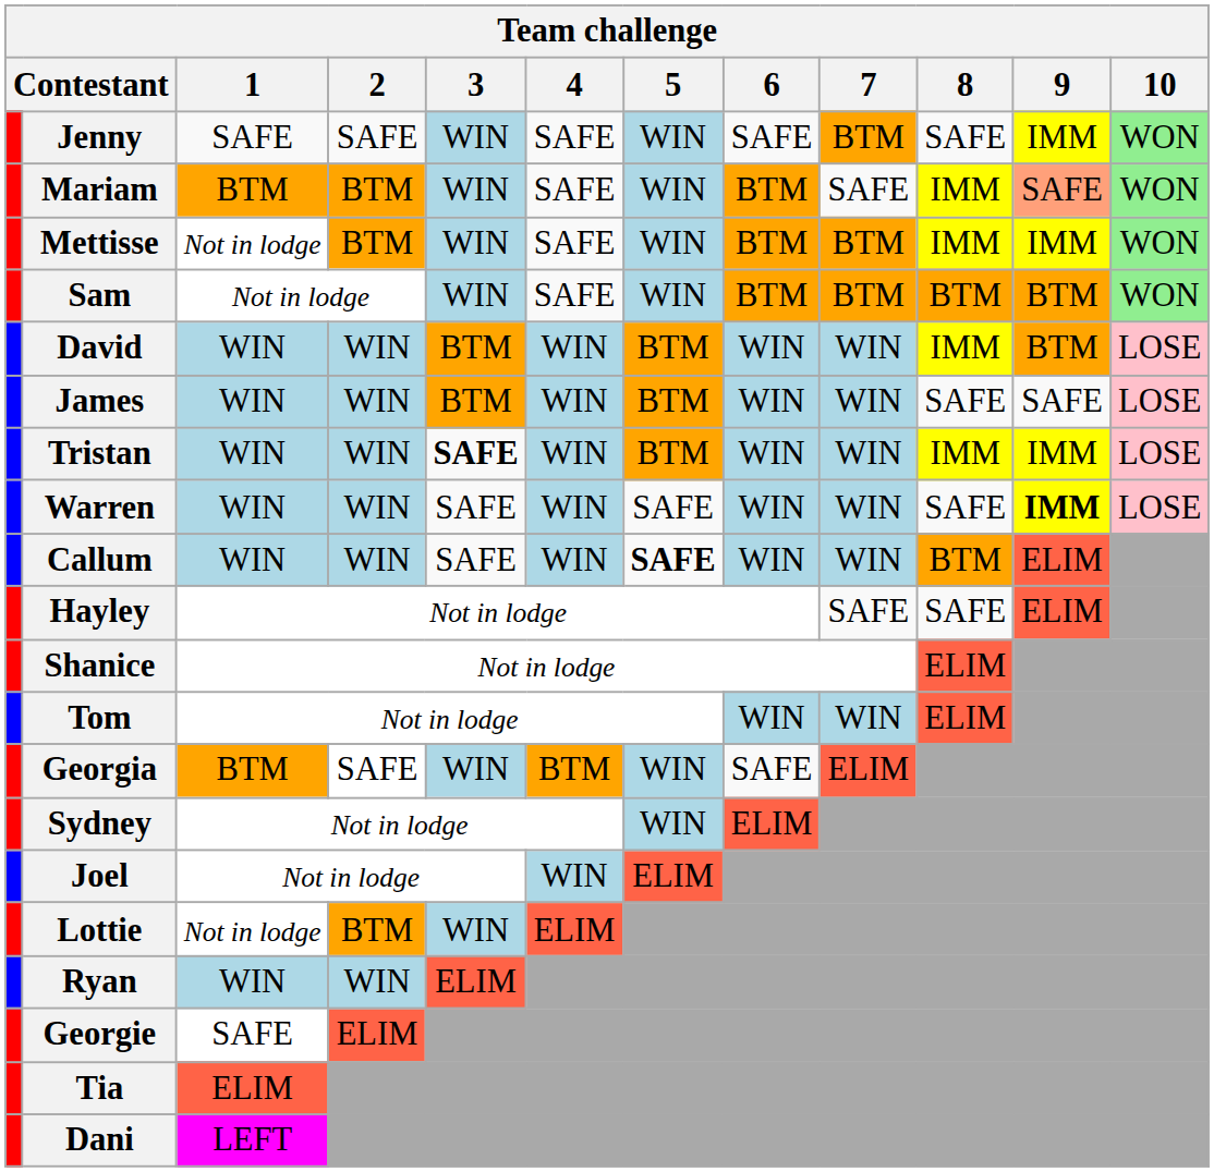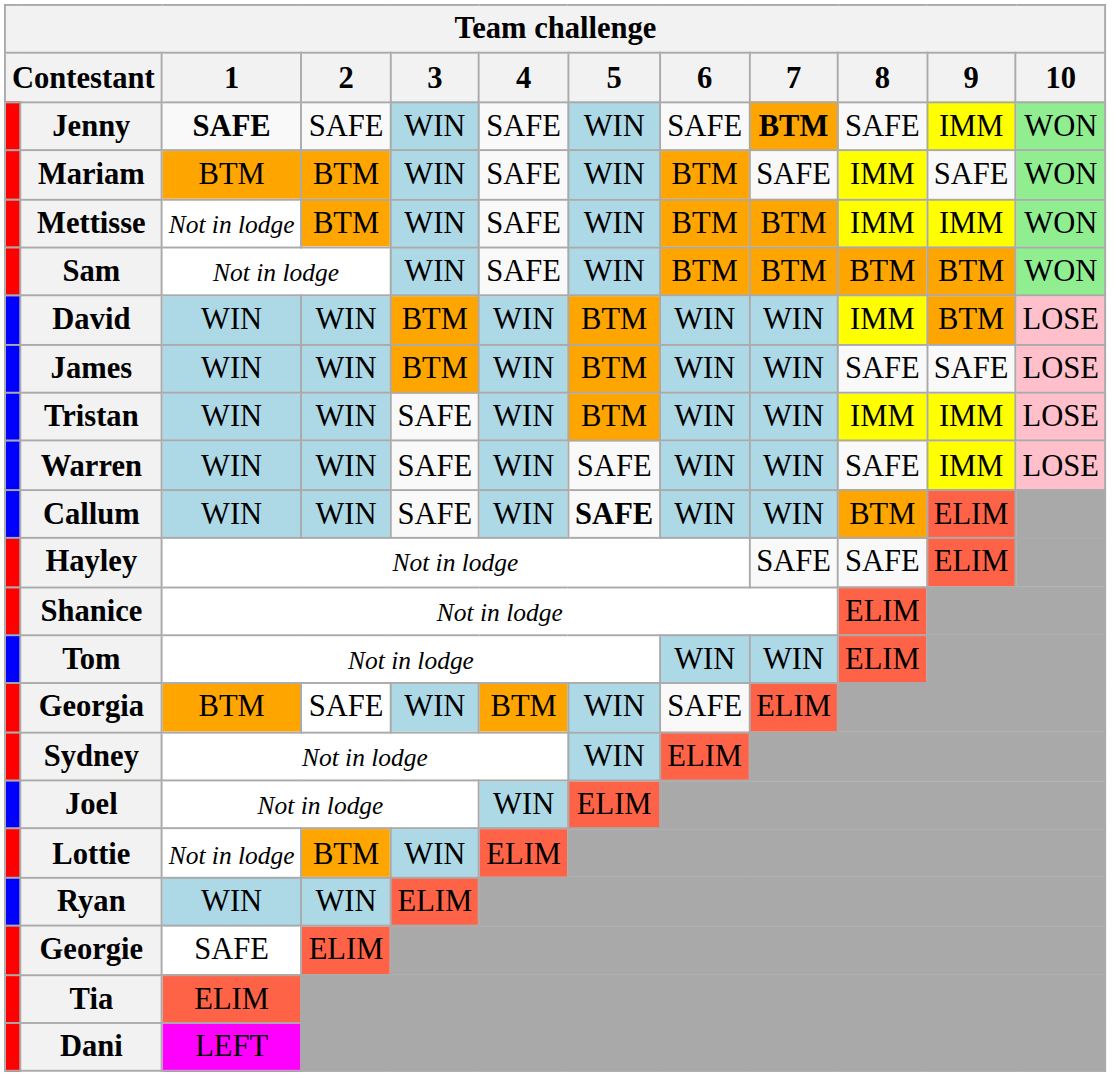 <table class="wikitable" style="text-align:center">
 <tr>
 <th scope="col" colspan="12">Team challenge</th>
 </tr>
 <tr>
 <th scope="col" colspan="2">Contestant</th>
 <th scope="col">1</th>
 <th scope="col">2</th>
 <th scope="col">3</th>
 <th scope="col">4</th>
 <th scope="col">5</th>
 <th scope="col">6</th>
 <th scope="col">7</th>
 <th scope="col">8</th>
 <th scope="col">9</th>
 <th scope="col">10</th>
 </tr>
 <tr>
 <td scope="row" bgcolor="red"></td>
 <th>Jenny</th>
-<td style="background:#white;">SAFE</td>
+<td style="background:#white;"><strong>SAFE</strong></td>
 <td style="background:#white;">SAFE</td>
 <td bgcolor="lightblue">WIN</td>
 <td style="background:#white;">SAFE</td>
 <td bgcolor="lightblue">WIN</td>
 <td style="background:#white;">SAFE</td>
-<td style="background:orange;">BTM</td>
+<td style="background:orange;"><strong>BTM</strong></td>
 <td style="background:#white;">SAFE</td>
 <td bgcolor="yellow">IMM</td>
 <td bgcolor="lightgreen">WON</td>
 </tr>
 <tr>
 <td scope="row" bgcolor="red"></td>
 <th>Mariam</th>
 <td style="background:orange;">BTM</td>
 <td style="background:orange;">BTM</td>
 <td bgcolor="lightblue">WIN</td>
 <td style="background:#white;">SAFE</td>
 <td bgcolor="lightblue">WIN</td>
 <td style="background:orange;">BTM</td>
 <td style="background:#white;">SAFE</td>
 <td bgcolor="yellow">IMM</td>
-<td style="background: lightsalmon;">SAFE</td>
+<td>SAFE</td>
 <td bgcolor="lightgreen">WON</td>
 </tr>
 <tr>
 <td scope="row" bgcolor="red"></td>
 <th>Mettisse</th>
 <td style="background:#fff;" colspan="1"><small><em>Not in lodge</em></small></td>
 <td style="background:orange;">BTM</td>
 <td bgcolor="lightblue">WIN</td>
 <td style="background:#white;">SAFE</td>
 <td bgcolor="lightblue">WIN</td>
 <td style="background:orange;">BTM</td>
 <td style="background:orange;">BTM</td>
 <td bgcolor="yellow">IMM</td>
 <td bgcolor="yellow">IMM</td>
 <td bgcolor="lightgreen">WON</td>
 </tr>
 <tr>
 <td scope="row" bgcolor="red"></td>
 <th>Sam</th>
 <td style="background:#fff;" colspan="2"><small><em>Not in lodge</em></small></td>
 <td bgcolor="lightblue">WIN</td>
 <td style="background:#white;">SAFE</td>
 <td bgcolor="lightblue">WIN</td>
 <td style="background:orange;">BTM</td>
 <td style="background:orange;">BTM</td>
 <td style="background:orange;" nowrap>BTM</td>
 <td style="background:orange;" nowrap>BTM</td>
 <td bgcolor="lightgreen">WON</td>
 </tr>
 <tr>
 <td scope="row" bgcolor="blue"></td>
 <th>David</th>
 <td bgcolor="lightblue">WIN</td>
 <td bgcolor="lightblue">WIN</td>
 <td style="background:orange;">BTM</td>
 <td bgcolor="lightblue">WIN</td>
 <td style="background:orange;">BTM</td>
 <td bgcolor="lightblue">WIN</td>
 <td bgcolor="lightblue">WIN</td>
 <td bgcolor="yellow">IMM</td>
 <td style="background:orange;">BTM</td>
 <td bgcolor="pink">LOSE</td>
 </tr>
 <tr>
 <td scope="row" bgcolor="blue"></td>
 <th>James</th>
 <td bgcolor="lightblue">WIN</td>
 <td bgcolor="lightblue">WIN</td>
 <td style="background:orange;">BTM</td>
 <td bgcolor="lightblue">WIN</td>
 <td style="background:orange;">BTM</td>
 <td bgcolor="lightblue">WIN</td>
 <td bgcolor="lightblue">WIN</td>
 <td style="background:#white;">SAFE</td>
 <td>SAFE</td>
 <td bgcolor="pink">LOSE</td>
 </tr>
 <tr>
 <td scope="row" bgcolor="blue"></td>
 <th>Tristan</th>
 <td bgcolor="lightblue">WIN</td>
 <td bgcolor="lightblue">WIN</td>
-<td style="background:#white;"><strong>SAFE</strong></td>
+<td style="background:#white;">SAFE</td>
 <td bgcolor="lightblue">WIN</td>
 <td style="background:orange;">BTM</td>
 <td bgcolor="lightblue">WIN</td>
 <td bgcolor="lightblue">WIN</td>
 <td bgcolor="yellow">IMM</td>
 <td bgcolor="yellow">IMM</td>
 <td bgcolor="pink">LOSE</td>
 </tr>
 <tr>
 <td scope="row" bgcolor="blue"></td>
 <th>Warren</th>
 <td bgcolor="lightblue">WIN</td>
 <td bgcolor="lightblue">WIN</td>
 <td style="background:#white;">SAFE</td>
 <td bgcolor="lightblue">WIN</td>
 <td style="background:#white;">SAFE</td>
 <td bgcolor="lightblue">WIN</td>
 <td bgcolor="lightblue">WIN</td>
 <td style="background:#white;">SAFE</td>
-<td bgcolor="yellow"><strong>IMM</strong></td>
+<td bgcolor="yellow">IMM</td>
 <td bgcolor="pink">LOSE</td>
 </tr>
 <tr>
 <td scope="row" bgcolor="blue"></td>
 <th>Callum</th>
 <td bgcolor="lightblue">WIN</td>
 <td bgcolor="lightblue">WIN</td>
 <td style="background:#white;">SAFE</td>
 <td bgcolor="lightblue">WIN</td>
 <td style="background:#white;"><strong>SAFE</strong></td>
 <td bgcolor="lightblue">WIN</td>
 <td bgcolor="lightblue">WIN</td>
 <td style="background:orange;">BTM</td>
 <td bgcolor="tomato">ELIM</td>
 <td colspan="7" bgcolor="darkgray"></td>
 </tr>
 <tr>
 <td scope="row" bgcolor="red"></td>
 <th>Hayley</th>
 <td style="background:#fff;" colspan="6"><small><em>Not in lodge</em></small></td>
 <td style="background:#white;">SAFE</td>
 <td style="background:#white;">SAFE</td>
 <td bgcolor="tomato">ELIM</td>
 <td colspan="7" bgcolor="darkgray"></td>
 </tr>
 <tr>
 <td scope="row" bgcolor="red"></td>
 <th>Shanice</th>
 <td style="background:#fff;" colspan="7"><small><em>Not in lodge</em></small></td>
 <td bgcolor="tomato">ELIM</td>
 <td colspan="8" bgcolor="darkgray"></td>
 </tr>
 <tr>
 <td scope="row" bgcolor="blue"></td>
 <th>Tom</th>
 <td style="background:#fff;" colspan="5"><small><em>Not in lodge</em></small></td>
 <td bgcolor="lightblue">WIN</td>
 <td bgcolor="lightblue">WIN</td>
 <td bgcolor="tomato">ELIM</td>
 <td colspan="8" bgcolor="darkgray"></td>
 </tr>
 <tr>
 <td scope="row" bgcolor="red"></td>
 <th>Georgia</th>
 <td style="background:orange;">BTM</td>
 <td style="background:white;">SAFE</td>
 <td bgcolor="lightblue">WIN</td>
 <td style="background:orange;">BTM</td>
 <td bgcolor="lightblue">WIN</td>
 <td style="background:#white;">SAFE</td>
 <td bgcolor="tomato">ELIM</td>
 <td colspan="8" bgcolor="darkgray"></td>
 </tr>
 <tr>
 <td scope="row" bgcolor="red"></td>
 <th>Sydney</th>
 <td style="background:#fff;" colspan="4"><small><em>Not in lodge</em></small></td>
 <td bgcolor="lightblue">WIN</td>
 <td bgcolor="tomato">ELIM</td>
 <td colspan="8" bgcolor="darkgray"></td>
 </tr>
 <tr>
 <td scope="row" bgcolor="blue"></td>
 <th>Joel</th>
 <td style="background:#fff;" colspan="3"><small><em>Not in lodge</em></small></td>
 <td bgcolor="lightblue">WIN</td>
 <td bgcolor="tomato">ELIM</td>
 <td colspan="8" bgcolor="darkgray"></td>
 </tr>
 <tr>
 <td scope="row" bgcolor="red"></td>
 <th>Lottie</th>
 <td style="background:#fff;" colspan="1"><small><em>Not in lodge</em></small></td>
 <td style="background:orange;">BTM</td>
 <td bgcolor="lightblue">WIN</td>
 <td bgcolor="tomato">ELIM</td>
 <td colspan="8" bgcolor="darkgray"></td>
 </tr>
 <tr>
 <td scope="row" bgcolor="blue"></td>
 <th>Ryan</th>
 <td bgcolor="lightblue">WIN</td>
 <td bgcolor="lightblue">WIN</td>
 <td bgcolor="tomato">ELIM</td>
 <td colspan="8" bgcolor="darkgray"></td>
 </tr>
 <tr>
 <td scope="row" bgcolor="red"></td>
 <th>Georgie</th>
 <td style="background:white;">SAFE</td>
 <td bgcolor="tomato">ELIM</td>
 <td colspan="8" bgcolor="darkgray"></td>
 </tr>
 <tr>
 <td scope="row" bgcolor="red"></td>
 <th>Tia</th>
 <td bgcolor="tomato">ELIM</td>
 <td colspan="9" bgcolor="darkgray"></td>
 </tr>
 <tr>
 <td scope="row" bgcolor="red"></td>
 <th>Dani</th>
 <td bgcolor="magenta">LEFT</td>
 <td colspan="9" bgcolor=darkgray></td>
 </tr>
 </table>
